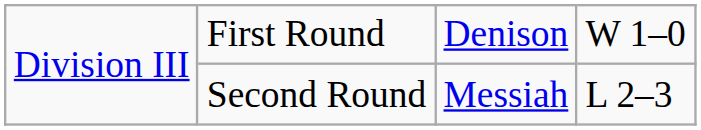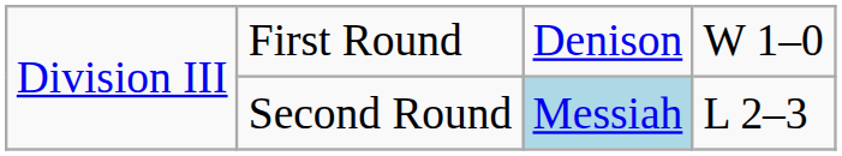 <table class="wikitable">
 <tr>
 <td rowspan="5"><a href='#'>Division III</a></td>
 <td>First Round</td>
 <td><a href='#'>Denison</a></td>
 <td>W 1–0 </td>
 </tr>
 <tr>
 <td>Second Round</td>
-<td><a href='#'>Messiah</a></td>
+<td style="background: lightblue;"><a href='#'>Messiah</a></td>
 <td>L 2–3</td>
 </tr>
 </table>
